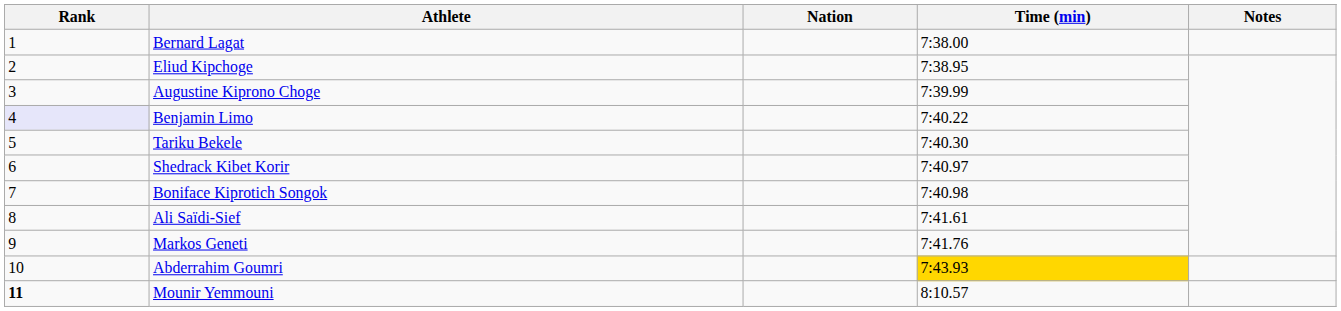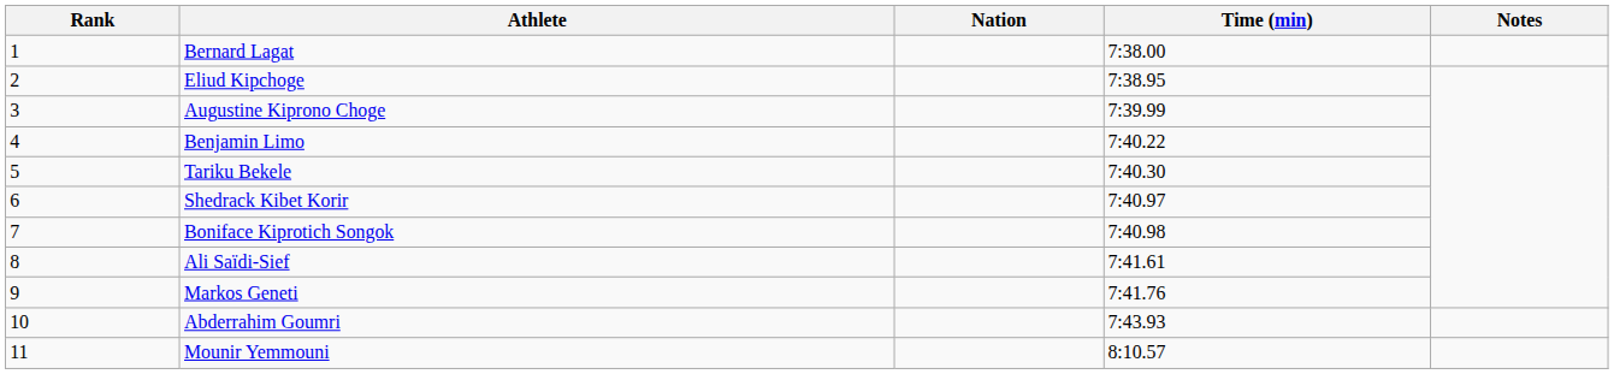 <table class="wikitable" width=85%>
 <tr>
 </tr>
 <tr>
 <th>Rank</th>
 <th>Athlete</th>
 <th>Nation</th>
 <th>Time (<a href='#'>min</a>)</th>
 <th>Notes</th>
 </tr>
 <tr>
 <td>1</td>
 <td><a href='#'>Bernard Lagat</a></td>
 <td></td>
 <td>7:38.00</td>
 <td></td>
 </tr>
 <tr>
 <td>2</td>
 <td><a href='#'>Eliud Kipchoge</a></td>
 <td></td>
 <td>7:38.95</td>
 </tr>
 <tr>
 <td>3</td>
 <td><a href='#'>Augustine Kiprono Choge</a></td>
 <td></td>
 <td>7:39.99</td>
 </tr>
 <tr>
-<td style="background: lavender;">4</td>
+<td>4</td>
 <td><a href='#'>Benjamin Limo</a></td>
 <td></td>
 <td>7:40.22</td>
 </tr>
 <tr>
 <td>5</td>
 <td><a href='#'>Tariku Bekele</a></td>
 <td></td>
 <td>7:40.30</td>
 </tr>
 <tr>
 <td>6</td>
 <td><a href='#'>Shedrack Kibet Korir</a></td>
 <td></td>
 <td>7:40.97</td>
 </tr>
 <tr>
 <td>7</td>
 <td><a href='#'>Boniface Kiprotich Songok</a></td>
 <td></td>
 <td>7:40.98</td>
 </tr>
 <tr>
 <td>8</td>
 <td><a href='#'>Ali Saïdi-Sief</a></td>
 <td></td>
 <td>7:41.61</td>
 </tr>
 <tr>
 <td>9</td>
 <td><a href='#'>Markos Geneti</a></td>
 <td></td>
 <td>7:41.76</td>
 </tr>
 <tr>
 <td>10</td>
 <td><a href='#'>Abderrahim Goumri</a></td>
 <td></td>
-<td style="background: gold;">7:43.93</td>
+<td>7:43.93</td>
 <td></td>
 </tr>
 <tr>
-<td><strong>11</strong></td>
+<td>11</td>
 <td><a href='#'>Mounir Yemmouni</a></td>
 <td></td>
 <td>8:10.57</td>
 </tr>
 </table>
